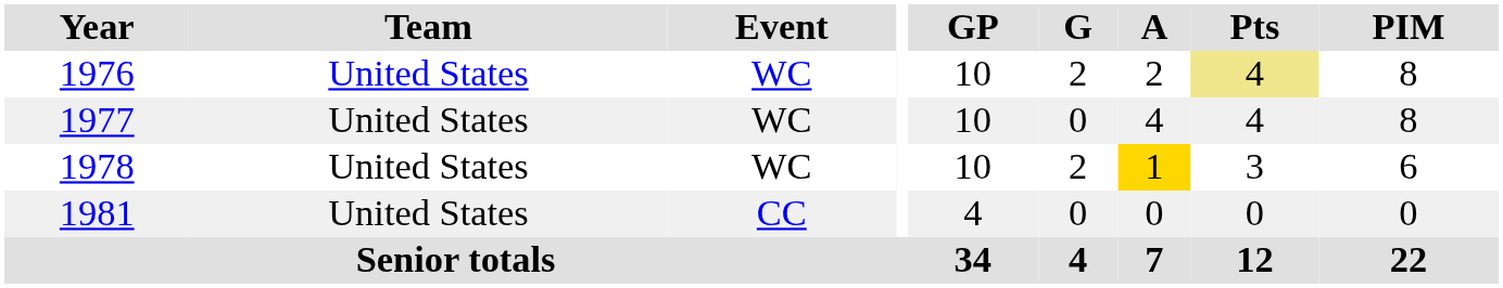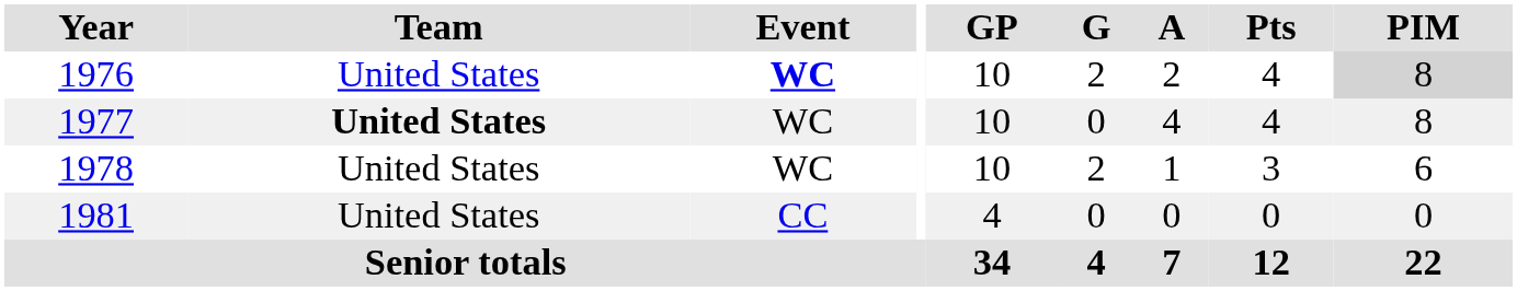 <table border="0" cellpadding="1" cellspacing="0" ID="Table3" style="text-align:center; width:40em">
 <tr bgcolor="#e0e0e0">
 <th>Year</th>
 <th>Team</th>
 <th>Event</th>
 <th rowspan="102" bgcolor="#ffffff"></th>
 <th>GP</th>
 <th>G</th>
 <th>A</th>
 <th>Pts</th>
 <th>PIM</th>
 </tr>
 <tr>
 <td><a href='#'>1976</a></td>
 <td><a href='#'>United States</a></td>
-<td><a href='#'>WC</a></td>
+<td><strong><a href='#'>WC</a></strong></td>
 <td>10</td>
 <td>2</td>
 <td>2</td>
-<td style="background: khaki;">4</td>
-<td>8</td>
+<td>4</td>
+<td style="background: lightgrey;">8</td>
 </tr>
 <tr bgcolor="#f0f0f0">
 <td><a href='#'>1977</a></td>
-<td>United States</td>
+<td><strong>United States</strong></td>
 <td>WC</td>
 <td>10</td>
 <td>0</td>
 <td>4</td>
 <td>4</td>
 <td>8</td>
 </tr>
 <tr>
 <td><a href='#'>1978</a></td>
 <td>United States</td>
 <td>WC</td>
 <td>10</td>
 <td>2</td>
-<td style="background: gold;">1</td>
+<td>1</td>
 <td>3</td>
 <td>6</td>
 </tr>
 <tr bgcolor="#f0f0f0">
 <td><a href='#'>1981</a></td>
 <td>United States</td>
 <td><a href='#'>CC</a></td>
 <td>4</td>
 <td>0</td>
 <td>0</td>
 <td>0</td>
 <td>0</td>
 </tr>
 <tr bgcolor="#e0e0e0">
 <th colspan="4">Senior totals</th>
 <th>34</th>
 <th>4</th>
 <th>7</th>
 <th>12</th>
 <th>22</th>
 </tr>
 </table>
